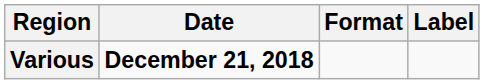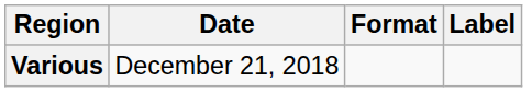 <table class="wikitable plainrowheaders">
 <tr>
 <th scope="col">Region</th>
 <th scope="col">Date</th>
 <th scope="col">Format</th>
 <th scope="col">Label</th>
 </tr>
 <tr>
 <th rowspan="1" scope="row">Various</th>
-<td><strong>December 21, 2018</strong></td>
+<td>December 21, 2018</td>
 <td rowspan="2"></td>
 <td rowspan="2" scope="row"></td>
 </tr>
 </table>
